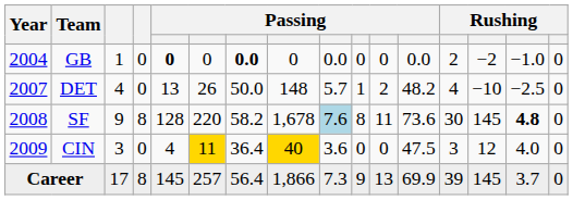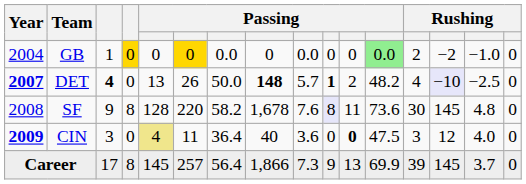 <table class="wikitable sortable" style="text-align:center">
 <tr>
 <th rowspan=2>Year</th>
 <th rowspan=2>Team</th>
 <th rowspan=2></th>
 <th rowspan=2></th>
 <th colspan=8>Passing</th>
 <th colspan=4>Rushing</th>
 </tr>
 <tr>
 <th></th>
 <th></th>
 <th></th>
 <th></th>
 <th></th>
 <th></th>
 <th></th>
 <th></th>
 <th></th>
 <th></th>
 <th></th>
 <th></th>
 </tr>
 <tr>
 <td><a href='#'>2004</a></td>
 <td><a href='#'>GB</a></td>
 <td>1</td>
+<td style="background: gold;">0</td>
 <td>0</td>
-<td><strong>0</strong></td>
-<td>0</td>
-<td><strong>0.0</strong></td>
+<td style="background: gold;">0</td>
+<td>0.0</td>
 <td>0</td>
 <td>0.0</td>
 <td>0</td>
 <td>0</td>
-<td>0.0</td>
+<td style="background: lightgreen;">0.0</td>
 <td>2</td>
 <td>−2</td>
 <td>−1.0</td>
 <td>0</td>
 </tr>
 <tr>
-<td><a href='#'>2007</a></td>
+<td><strong><a href='#'>2007</a></strong></td>
 <td><a href='#'>DET</a></td>
-<td>4</td>
+<td><strong>4</strong></td>
 <td>0</td>
 <td>13</td>
 <td>26</td>
 <td>50.0</td>
-<td>148</td>
+<td><strong>148</strong></td>
 <td>5.7</td>
-<td>1</td>
+<td><strong>1</strong></td>
 <td>2</td>
 <td>48.2</td>
 <td>4</td>
-<td>−10</td>
+<td style="background: lavender;">−10</td>
 <td>−2.5</td>
 <td>0</td>
 </tr>
 <tr>
 <td><a href='#'>2008</a></td>
 <td><a href='#'>SF</a></td>
 <td>9</td>
 <td>8</td>
 <td>128</td>
 <td>220</td>
 <td>58.2</td>
 <td>1,678</td>
-<td style="background: lightblue;">7.6</td>
-<td>8</td>
+<td>7.6</td>
+<td style="background: lavender;">8</td>
 <td>11</td>
 <td>73.6</td>
 <td>30</td>
 <td>145</td>
-<td><strong>4.8</strong></td>
+<td>4.8</td>
 <td>0</td>
 </tr>
 <tr>
-<td><a href='#'>2009</a></td>
+<td><strong><a href='#'>2009</a></strong></td>
 <td><a href='#'>CIN</a></td>
 <td>3</td>
 <td>0</td>
-<td>4</td>
-<td style="background: gold;">11</td>
+<td style="background: khaki;">4</td>
+<td>11</td>
 <td>36.4</td>
-<td style="background: gold;">40</td>
+<td>40</td>
 <td>3.6</td>
 <td>0</td>
-<td>0</td>
+<td><strong>0</strong></td>
 <td>47.5</td>
 <td>3</td>
 <td>12</td>
 <td>4.0</td>
 <td>0</td>
 </tr>
 <tr class="sortbottom" style="background:#eee;">
 <td colspan=2><strong>Career</strong></td>
 <td>17</td>
 <td>8</td>
 <td>145</td>
 <td>257</td>
 <td>56.4</td>
 <td>1,866</td>
 <td>7.3</td>
 <td>9</td>
 <td>13</td>
 <td>69.9</td>
 <td>39</td>
 <td>145</td>
 <td>3.7</td>
 <td>0</td>
 </tr>
 </table>
